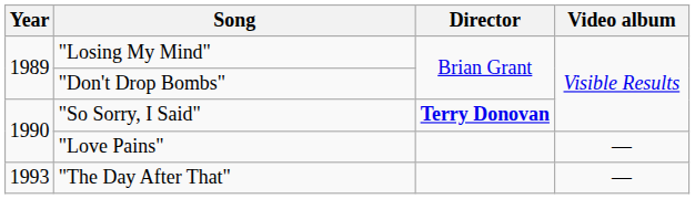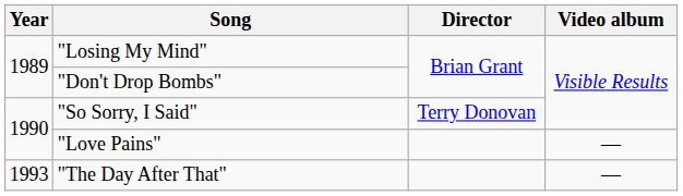 <table class="wikitable" style="text-align:center;">
 <tr>
 <th style="width:30px;">Year</th>
 <th style="width:283px;">Song</th>
 <th style="width:105px;">Director</th>
 <th style="width:100px;">Video album</th>
 </tr>
 <tr>
 <td rowspan="2">1989</td>
 <td align="left">"Losing My Mind"</td>
 <td rowspan="2"><a href='#'>Brian Grant</a></td>
 <td rowspan="3"><em><a href='#'>Visible Results</a></em></td>
 </tr>
 <tr>
 <td align="left">"Don't Drop Bombs"</td>
 </tr>
 <tr>
 <td rowspan="2">1990</td>
 <td align="left">"So Sorry, I Said"</td>
-<td><strong><a href='#'>Terry Donovan</a></strong></td>
+<td><a href='#'>Terry Donovan</a></td>
 </tr>
 <tr>
 <td align="left">"Love Pains"</td>
 <td></td>
 <td>—</td>
 </tr>
 <tr>
 <td rowspan="2">1993</td>
 <td align="left">"The Day After That"</td>
 <td></td>
 <td>—</td>
 </tr>
 </table>
